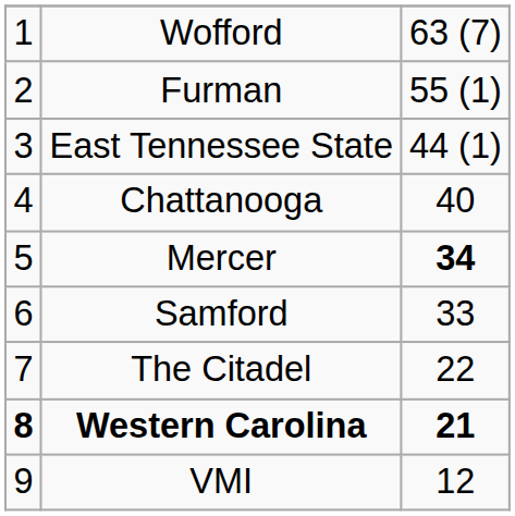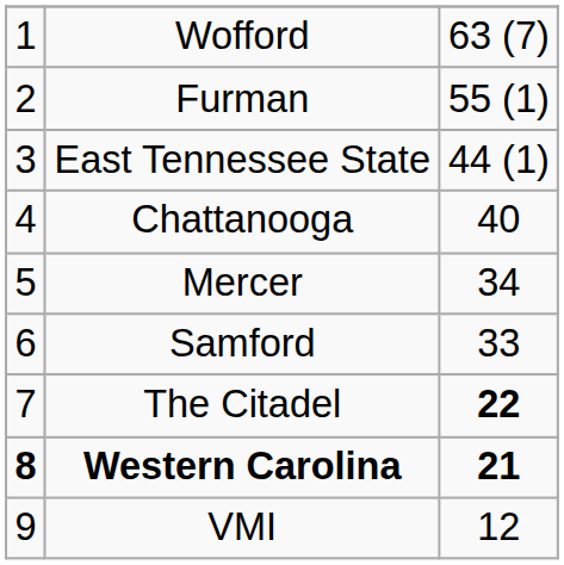 <table class="wikitable" style="display: inline-table;">
 <tr align="center">
 </tr>
 <tr align="center">
 <td>1</td>
 <td>Wofford</td>
 <td>63 (7)</td>
 </tr>
 <tr align="center">
 <td>2</td>
 <td>Furman</td>
 <td>55 (1)</td>
 </tr>
 <tr align="center">
 <td>3</td>
 <td>East Tennessee State</td>
 <td>44 (1)</td>
 </tr>
 <tr align="center">
 <td>4</td>
 <td>Chattanooga</td>
 <td>40</td>
 </tr>
 <tr align="center">
 <td>5</td>
 <td>Mercer</td>
-<td><strong>34</strong></td>
+<td>34</td>
 </tr>
 <tr align="center">
 <td>6</td>
 <td>Samford</td>
 <td>33</td>
 </tr>
 <tr align="center">
 <td>7</td>
 <td>The Citadel</td>
-<td>22</td>
+<td><strong>22</strong></td>
 </tr>
 <tr align="center">
 <td><strong>8</strong></td>
 <td><strong>Western Carolina</strong></td>
 <td><strong>21</strong></td>
 </tr>
 <tr align="center">
 <td>9</td>
 <td>VMI</td>
 <td>12</td>
 </tr>
 </table>
